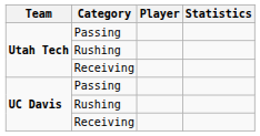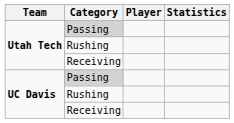 <table class="wikitable" style="float: right;">
 <tr>
 <th>Team</th>
 <th>Category</th>
 <th>Player</th>
 <th>Statistics</th>
 </tr>
 <tr>
 <td rowspan=3><strong>Utah Tech</strong></td>
-<td>Passing</td>
+<td style="background: lightgrey;">Passing</td>
 <td></td>
 <td></td>
 </tr>
 <tr>
 <td>Rushing</td>
 <td></td>
 <td></td>
 </tr>
 <tr>
 <td>Receiving</td>
 <td></td>
 <td></td>
 </tr>
 <tr>
 <td rowspan=3><strong>UC Davis</strong></td>
-<td>Passing</td>
+<td style="background: lightgrey;">Passing</td>
 <td></td>
 <td></td>
 </tr>
 <tr>
 <td>Rushing</td>
 <td></td>
 <td></td>
 </tr>
 <tr>
 <td>Receiving</td>
 <td></td>
 <td></td>
 </tr>
 </table>
